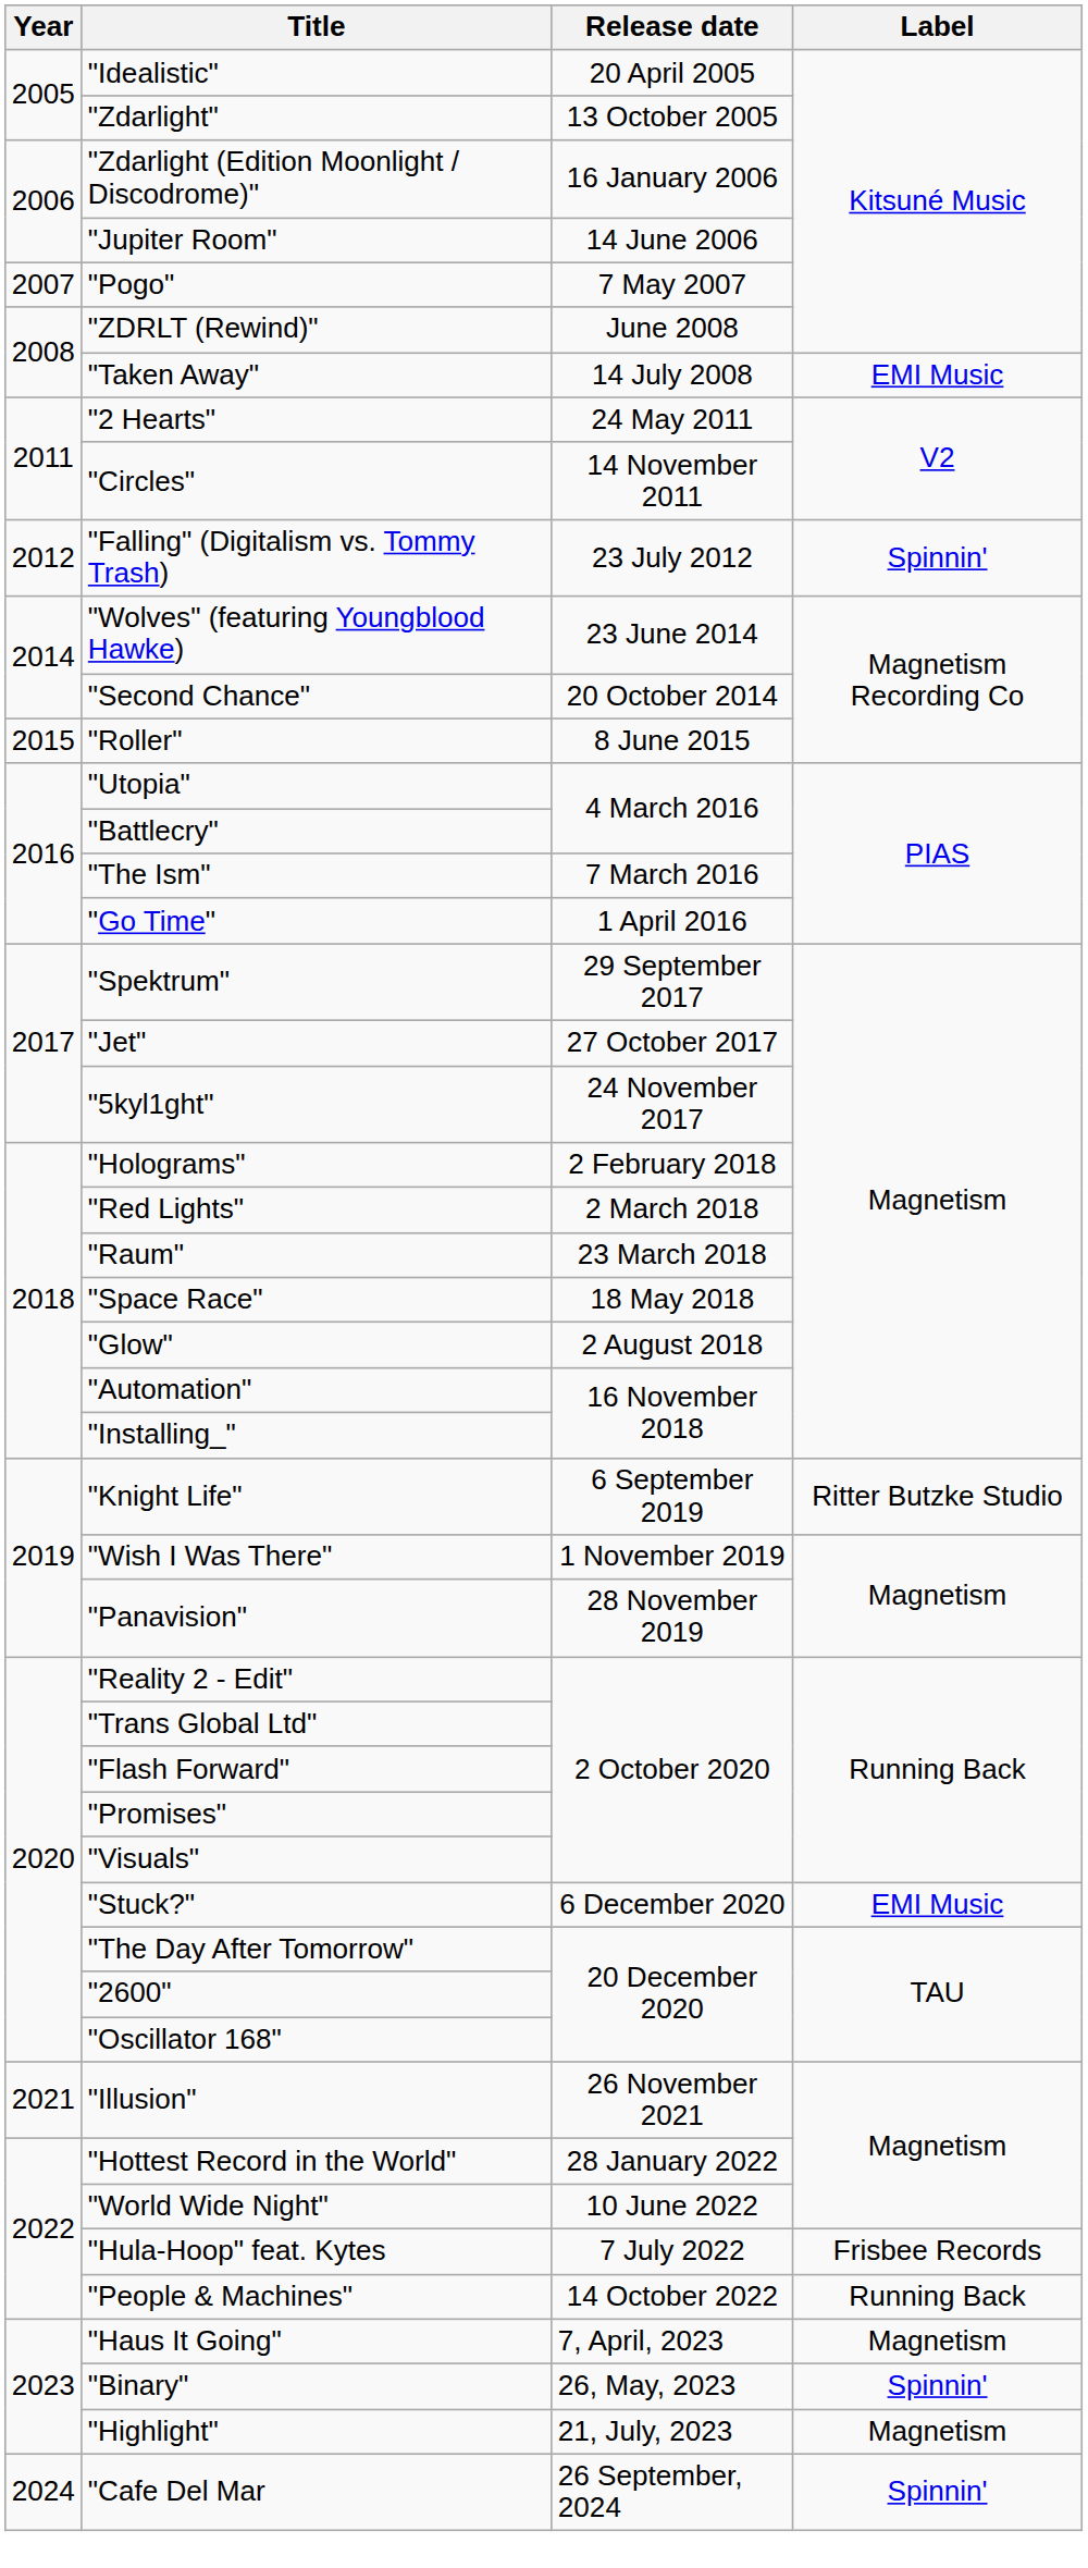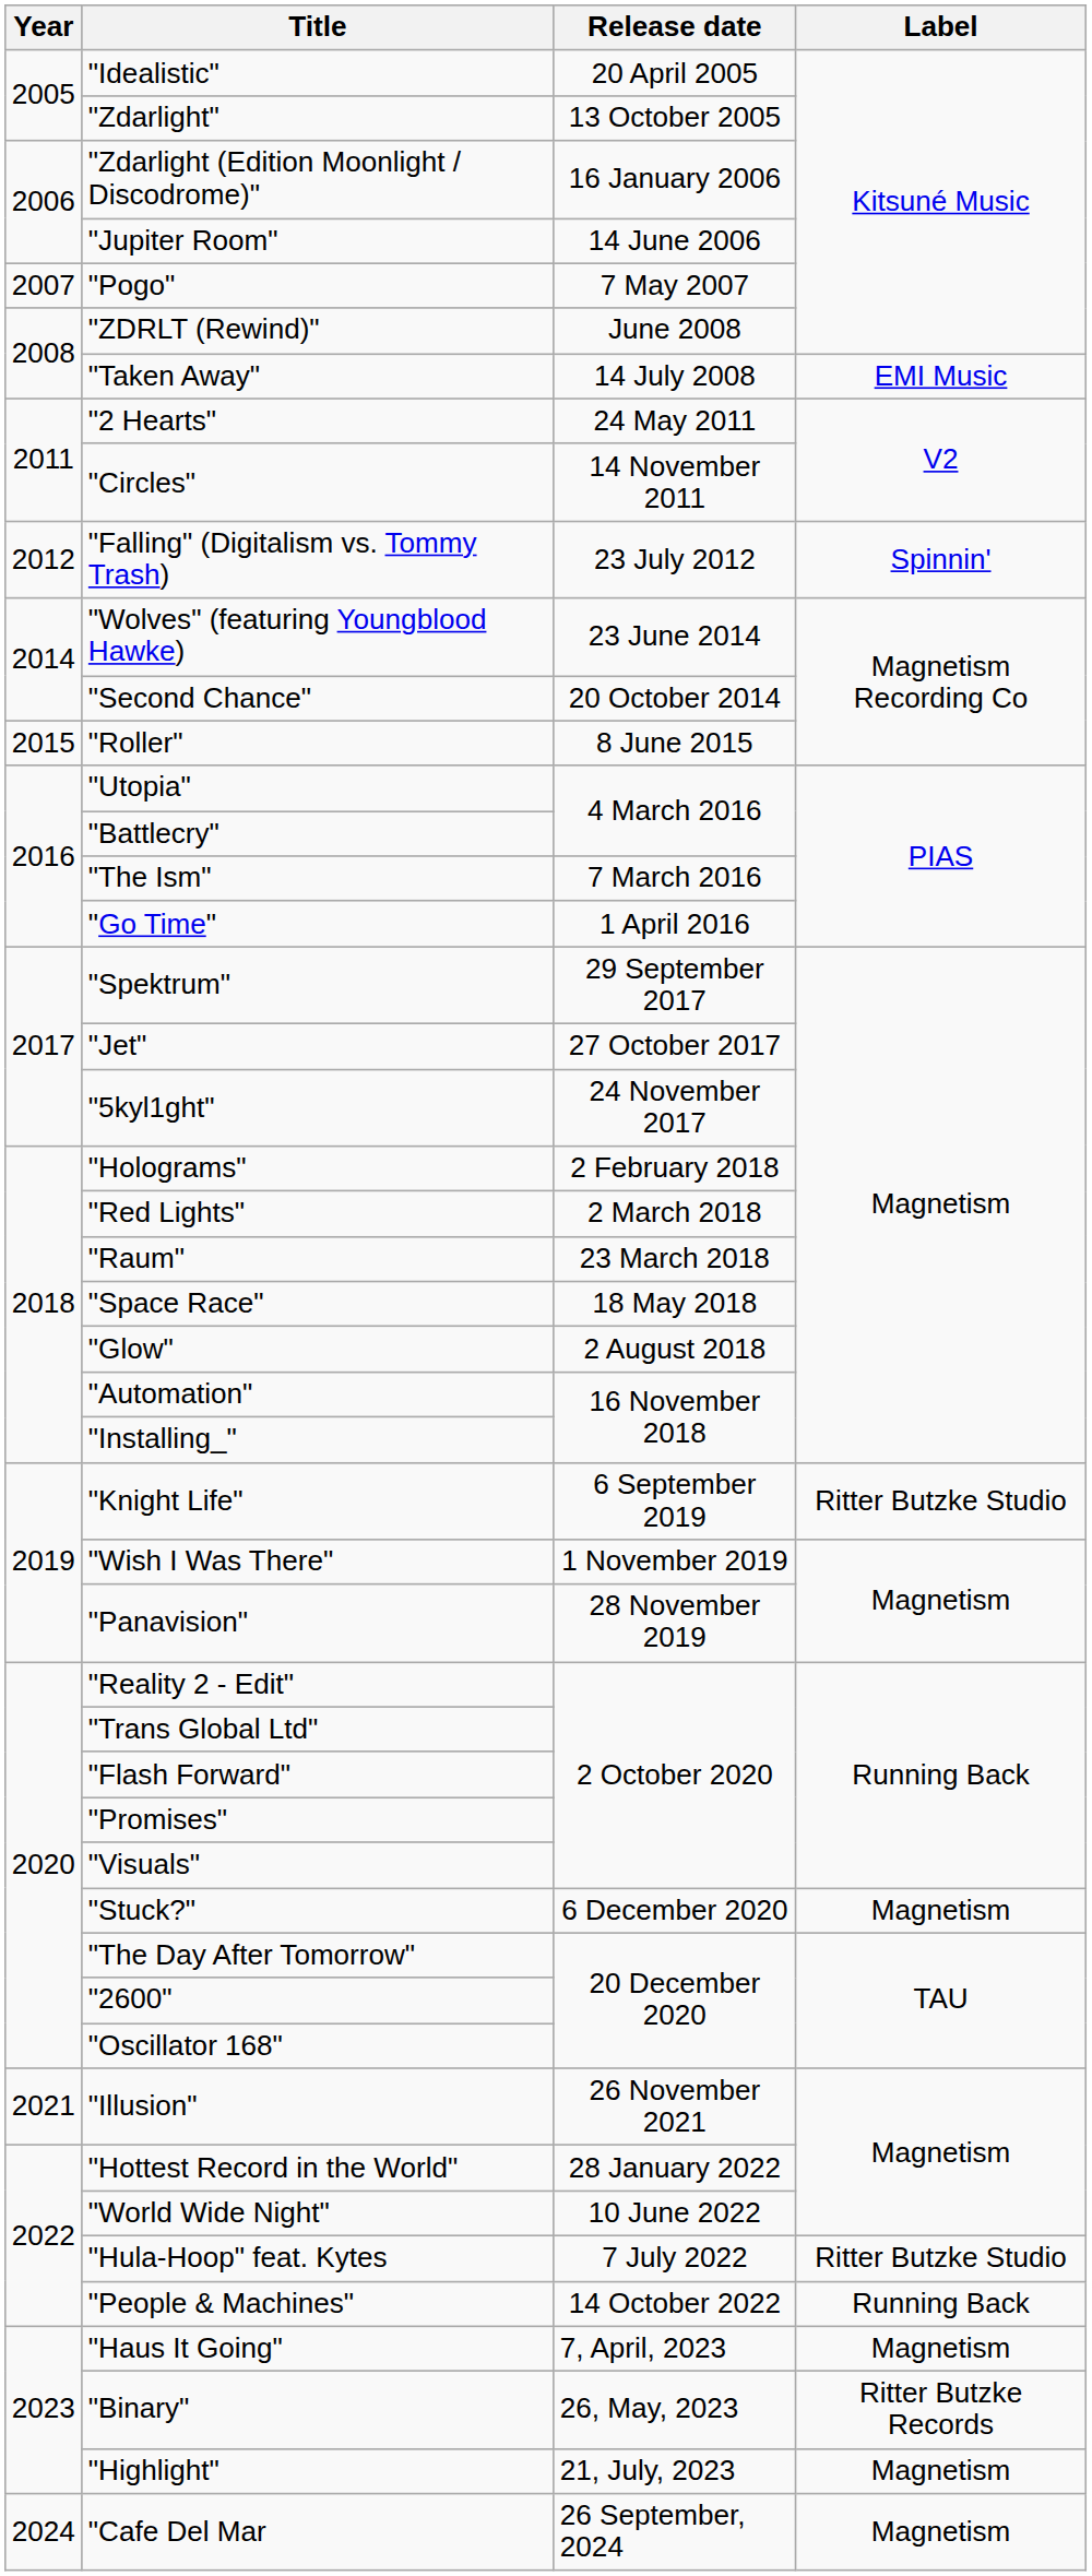 <table class="wikitable">
 <tr>
 <th style="text-align:center; width:35px;">Year</th>
 <th>Title</th>
 <th style="text-align:center;">Release date</th>
 <th>Label</th>
 </tr>
 <tr>
 <td style="text-align:center;" rowspan="2">2005</td>
 <td>"Idealistic"</td>
 <td style="text-align:center;">20 April 2005</td>
 <td style="text-align:center;" rowspan="6"><a href='#'>Kitsuné Music</a></td>
 </tr>
 <tr>
 <td>"Zdarlight"</td>
 <td style="text-align:center;">13 October 2005</td>
 </tr>
 <tr>
 <td style="text-align:center;" rowspan="2">2006</td>
 <td>"Zdarlight (Edition Moonlight / Discodrome)"</td>
 <td style="text-align:center;">16 January 2006</td>
 </tr>
 <tr>
 <td>"Jupiter Room"</td>
 <td style="text-align:center;">14 June 2006</td>
 </tr>
 <tr>
 <td style="text-align:center;">2007</td>
 <td>"Pogo"</td>
 <td style="text-align:center;">7 May 2007</td>
 </tr>
 <tr>
 <td style="text-align:center;" rowspan="2">2008</td>
 <td>"ZDRLT (Rewind)"</td>
 <td style="text-align:center;">June 2008</td>
 </tr>
 <tr>
 <td>"Taken Away"</td>
 <td style="text-align:center;">14 July 2008</td>
 <td style="text-align:center;"><a href='#'>EMI Music</a></td>
 </tr>
 <tr>
 <td style="text-align:center;" rowspan="2">2011</td>
 <td>"2 Hearts"</td>
 <td style="text-align:center;">24 May 2011</td>
 <td style="text-align:center;" rowspan="2"><a href='#'>V2</a></td>
 </tr>
 <tr>
 <td>"Circles"</td>
 <td style="text-align:center;">14 November 2011</td>
 </tr>
 <tr>
 <td style="text-align:center;">2012</td>
 <td>"Falling" (Digitalism vs. <a href='#'>Tommy Trash</a>)</td>
 <td style="text-align:center;">23 July 2012</td>
 <td style="text-align:center;"><a href='#'>Spinnin'</a></td>
 </tr>
 <tr>
 <td style="text-align:center;" rowspan="2">2014</td>
 <td>"Wolves" (featuring <a href='#'>Youngblood Hawke</a>)</td>
 <td style="text-align:center;">23 June 2014</td>
 <td style="text-align:center;" rowspan="3">Magnetism Recording Co</td>
 </tr>
 <tr>
 <td>"Second Chance"</td>
 <td style="text-align:center;">20 October 2014</td>
 </tr>
 <tr>
 <td style="text-align:center;">2015</td>
 <td>"Roller"</td>
 <td style="text-align:center;">8 June 2015</td>
 </tr>
 <tr>
 <td style="text-align:center;" rowspan="4">2016</td>
 <td>"Utopia"</td>
 <td style="text-align:center;" rowspan="2">4 March 2016</td>
 <td style="text-align:center;" rowspan="4"><a href='#'>PIAS</a></td>
 </tr>
 <tr>
 <td>"Battlecry"</td>
 </tr>
 <tr>
 <td>"The Ism"</td>
 <td style="text-align:center;">7 March 2016</td>
 </tr>
 <tr>
 <td>"<a href='#'>Go Time</a>"</td>
 <td style="text-align:center;">1 April 2016</td>
 </tr>
 <tr>
 <td rowspan="3">2017</td>
 <td>"Spektrum"</td>
 <td style="text-align:center;">29 September 2017</td>
 <td rowspan="10" style="text-align:center;">Magnetism</td>
 </tr>
 <tr>
 <td>"Jet"</td>
 <td style="text-align:center;">27 October 2017</td>
 </tr>
 <tr>
 <td>"5kyl1ght"</td>
 <td style="text-align:center;">24 November 2017</td>
 </tr>
 <tr>
 <td rowspan="7">2018</td>
 <td>"Holograms"</td>
 <td style="text-align:center;">2 February 2018</td>
 </tr>
 <tr>
 <td>"Red Lights"</td>
 <td style="text-align:center;">2 March 2018</td>
 </tr>
 <tr>
 <td>"Raum"</td>
 <td style="text-align:center;">23 March 2018</td>
 </tr>
 <tr>
 <td>"Space Race"</td>
 <td style="text-align:center;">18 May 2018</td>
 </tr>
 <tr>
 <td>"Glow"</td>
 <td style="text-align:center;">2 August 2018</td>
 </tr>
 <tr>
 <td>"Automation"</td>
 <td style="text-align:center;" rowspan="2">16 November 2018</td>
 </tr>
 <tr>
 <td>"Installing_"</td>
 </tr>
 <tr>
 <td rowspan="3">2019</td>
 <td>"Knight Life"</td>
 <td style="text-align:center;">6 September 2019</td>
 <td style="text-align:center;">Ritter Butzke Studio</td>
 </tr>
 <tr>
 <td>"Wish I Was There"</td>
 <td style="text-align:center;">1 November 2019</td>
 <td style="text-align:center;" rowspan="2">Magnetism</td>
 </tr>
 <tr>
 <td>"Panavision"</td>
 <td style="text-align:center;">28 November 2019</td>
 </tr>
 <tr>
 <td rowspan="9">2020</td>
 <td>"Reality 2 - Edit"</td>
 <td style="text-align:center;" rowspan="5">2 October 2020</td>
 <td style="text-align:center;" rowspan="5">Running Back</td>
 </tr>
 <tr>
 <td>"Trans Global Ltd"</td>
 </tr>
 <tr>
 <td>"Flash Forward"</td>
 </tr>
 <tr>
 <td>"Promises"</td>
 </tr>
 <tr>
 <td>"Visuals"</td>
 </tr>
 <tr>
 <td>"Stuck?"</td>
 <td style="text-align:center;">6 December 2020</td>
-<td style="text-align:center;"><a href='#'>EMI Music</a></td>
+<td style="text-align:center;">Magnetism</td>
 </tr>
 <tr>
 <td>"The Day After Tomorrow"</td>
 <td style="text-align:center;"rowspan="3">20 December 2020</td>
 <td style="text-align:center;"rowspan="3">TAU</td>
 </tr>
 <tr>
 <td>"2600"</td>
 </tr>
 <tr>
 <td>"Oscillator 168"</td>
 </tr>
 <tr>
 <td>2021</td>
 <td>"Illusion"</td>
 <td style="text-align:center;">26 November 2021</td>
 <td style="text-align:center;"rowspan="3">Magnetism</td>
 </tr>
 <tr>
 <td rowspan="4">2022</td>
 <td>"Hottest Record in the World"</td>
 <td style="text-align:center;">28 January 2022</td>
 </tr>
 <tr>
 <td>"World Wide Night"</td>
 <td style="text-align:center;">10 June 2022</td>
 </tr>
 <tr>
 <td>"Hula-Hoop" feat. Kytes</td>
 <td style="text-align:center;">7 July 2022</td>
-<td style="text-align:center;">Frisbee Records</td>
+<td style="text-align:center;">Ritter Butzke Studio</td>
 </tr>
 <tr>
 <td>"People & Machines"</td>
 <td style="text-align:center;">14 October 2022</td>
 <td style="text-align:center;">Running Back</td>
 </tr>
 <tr>
 <td rowspan="3">2023</td>
 <td>"Haus It Going"</td>
 <td>7, April, 2023</td>
 <td style="text-align:center;">Magnetism</td>
 </tr>
 <tr>
 <td>"Binary"</td>
 <td>26, May, 2023</td>
-<td style="text-align:center;"><a href='#'>Spinnin'</a></td>
+<td style="text-align:center;">Ritter Butzke Records</td>
 </tr>
 <tr>
 <td>"Highlight"</td>
 <td>21, July, 2023</td>
 <td style="text-align:center;">Magnetism</td>
 </tr>
 <tr>
 <td>2024</td>
 <td>"Cafe Del Mar</td>
 <td>26 September, 2024</td>
-<td style="text-align:center;"><a href='#'>Spinnin'</a></td>
+<td style="text-align:center;">Magnetism</td>
 </tr>
 </table>
